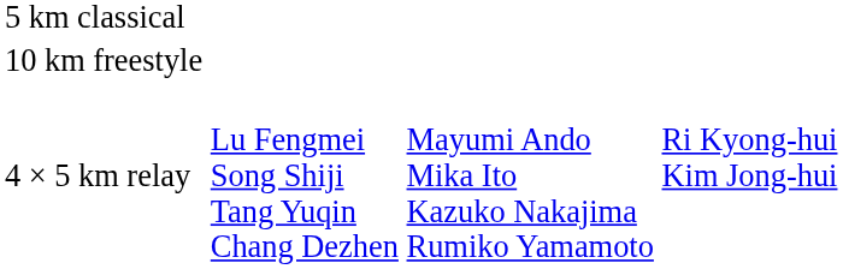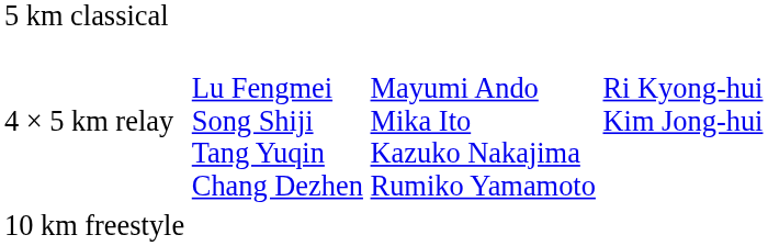 <table>
 <tr>
 <td>5 km classical</td>
-<td></td>
-<td></td>
-<td></td>
-</tr>
-<tr>
-<td>10 km freestyle</td>
 <td></td>
 <td></td>
 <td></td>
 </tr>
 <tr>
 <td>4 × 5 km relay</td>
 <td><br><a href='#'>Lu Fengmei</a><br><a href='#'>Song Shiji</a><br><a href='#'>Tang Yuqin</a><br><a href='#'>Chang Dezhen</a></td>
 <td><br><a href='#'>Mayumi Ando</a><br><a href='#'>Mika Ito</a><br><a href='#'>Kazuko Nakajima</a><br><a href='#'>Rumiko Yamamoto</a></td>
 <td valign=top><br><a href='#'>Ri Kyong-hui</a><br><a href='#'>Kim Jong-hui</a></td>
 </tr>
+<tr>
+<td>10 km freestyle</td>
+<td></td>
+<td></td>
+<td></td>
+</tr>
 </table>
